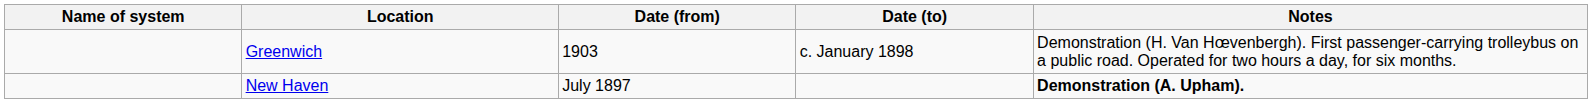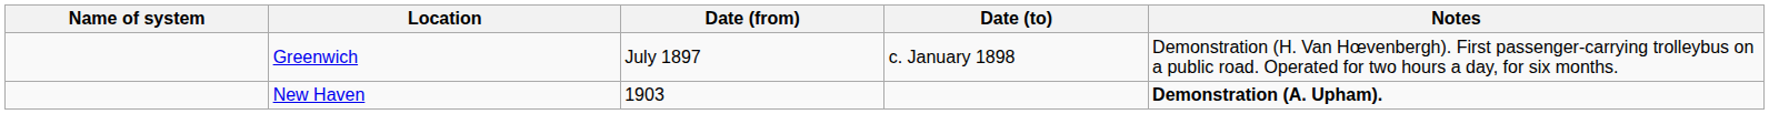 <table class="wikitable" width=100%>
 <tr>
 <th width=15%>Name of system</th>
 <th width=20%>Location</th>
 <th width=15%>Date (from)</th>
 <th width=15%>Date (to)</th>
 <th width=35%>Notes</th>
 </tr>
 <tr>
 <td> </td>
 <td><a href='#'>Greenwich</a></td>
-<td>1903</td>
+<td>July 1897</td>
 <td>c. January 1898</td>
 <td>Demonstration (H. Van Hœvenbergh). First passenger-carrying trolleybus on a public road. Operated for two hours a day, for six months.</td>
 </tr>
 <tr>
 <td> </td>
 <td><a href='#'>New Haven</a></td>
-<td>July 1897</td>
+<td>1903</td>
 <td> </td>
 <td><strong>Demonstration (A. Upham).</strong></td>
 </tr>
 <tr>
 </tr>
 </table>
